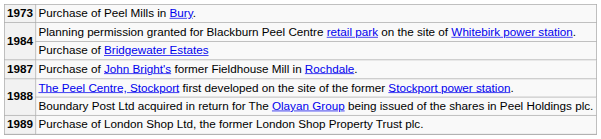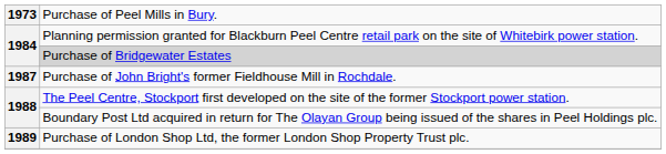 <table class="wikitable">
 <tr>
 <th>1973</th>
 <td>Purchase of Peel Mills in <a href='#'>Bury</a>.</td>
 </tr>
 <tr>
 <th rowspan=2>1984</th>
 <td>Planning permission granted for Blackburn Peel Centre <a href='#'>retail park</a> on the site of <a href='#'>Whitebirk power station</a>.</td>
 </tr>
 <tr>
-<td>Purchase of <a href='#'>Bridgewater Estates</a></td>
+<td style="background: lightgrey;">Purchase of <a href='#'>Bridgewater Estates</a></td>
 </tr>
 <tr>
 <th>1987</th>
 <td>Purchase of <a href='#'>John Bright's</a> former Fieldhouse Mill in <a href='#'>Rochdale</a>.</td>
 </tr>
 <tr>
 <th rowspan=2>1988</th>
 <td><a href='#'>The Peel Centre, Stockport</a> first developed on the site of the former <a href='#'>Stockport power station</a>.</td>
 </tr>
 <tr>
 <td>Boundary Post Ltd acquired in return for The <a href='#'>Olayan Group</a> being issued  of the shares in Peel Holdings plc.</td>
 </tr>
 <tr>
 <th>1989</th>
 <td>Purchase of London Shop Ltd, the former London Shop Property Trust plc.</td>
 </tr>
 <tr>
 </tr>
 </table>
